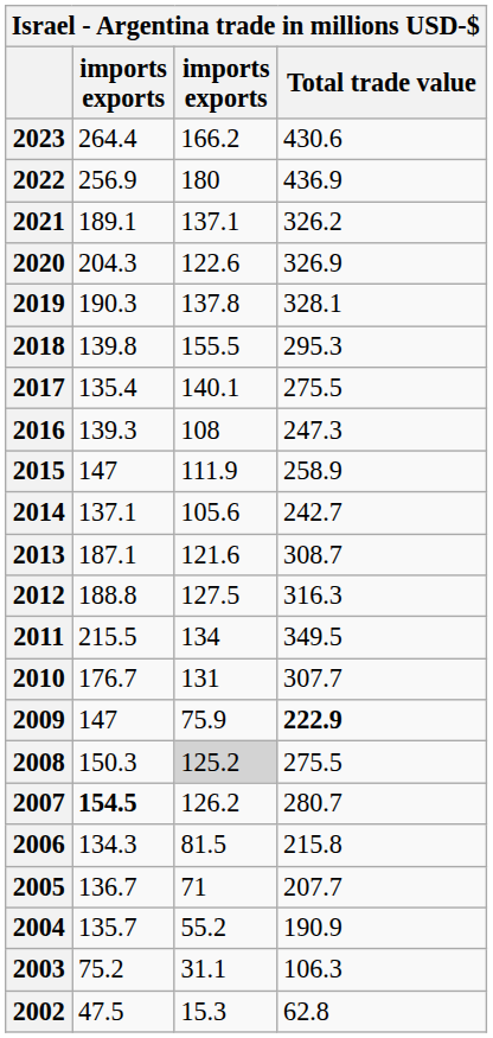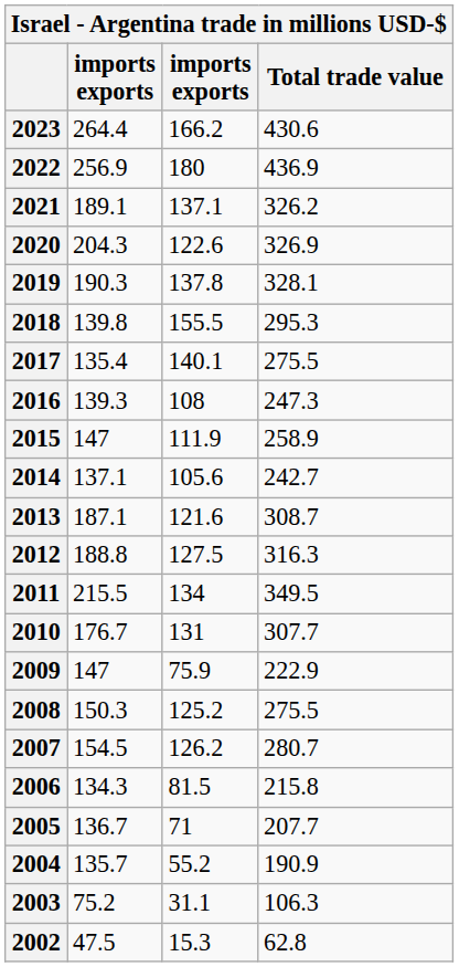 <table class="wikitable mw-collapsible mw-collapsed">
 <tr>
 <th colspan="4">Israel - Argentina trade in millions USD-$</th>
 </tr>
 <tr>
 <th></th>
 <th> imports<br> exports</th>
 <th> imports<br> exports</th>
 <th>Total trade value</th>
 </tr>
 <tr>
 <th>2023</th>
 <td>264.4</td>
 <td>166.2</td>
 <td>430.6</td>
 </tr>
 <tr>
 <th>2022</th>
 <td>256.9</td>
 <td>180</td>
 <td>436.9</td>
 </tr>
 <tr>
 <th>2021</th>
 <td>189.1</td>
 <td>137.1</td>
 <td>326.2</td>
 </tr>
 <tr>
 <th>2020</th>
 <td>204.3</td>
 <td>122.6</td>
 <td>326.9</td>
 </tr>
 <tr>
 <th>2019</th>
 <td>190.3</td>
 <td>137.8</td>
 <td>328.1</td>
 </tr>
 <tr>
 <th>2018</th>
 <td>139.8</td>
 <td>155.5</td>
 <td>295.3</td>
 </tr>
 <tr>
 <th>2017</th>
 <td>135.4</td>
 <td>140.1</td>
 <td>275.5</td>
 </tr>
 <tr>
 <th>2016</th>
 <td>139.3</td>
 <td>108</td>
 <td>247.3</td>
 </tr>
 <tr>
 <th>2015</th>
 <td>147</td>
 <td>111.9</td>
 <td>258.9</td>
 </tr>
 <tr>
 <th>2014</th>
 <td>137.1</td>
 <td>105.6</td>
 <td>242.7</td>
 </tr>
 <tr>
 <th>2013</th>
 <td>187.1</td>
 <td>121.6</td>
 <td>308.7</td>
 </tr>
 <tr>
 <th>2012</th>
 <td>188.8</td>
 <td>127.5</td>
 <td>316.3</td>
 </tr>
 <tr>
 <th>2011</th>
 <td>215.5</td>
 <td>134</td>
 <td>349.5</td>
 </tr>
 <tr>
 <th>2010</th>
 <td>176.7</td>
 <td>131</td>
 <td>307.7</td>
 </tr>
 <tr>
 <th>2009</th>
 <td>147</td>
 <td>75.9</td>
-<td><strong>222.9</strong></td>
+<td>222.9</td>
 </tr>
 <tr>
 <th>2008</th>
 <td>150.3</td>
-<td style="background: lightgrey;">125.2</td>
+<td>125.2</td>
 <td>275.5</td>
 </tr>
 <tr>
 <th>2007</th>
-<td><strong>154.5</strong></td>
+<td>154.5</td>
 <td>126.2</td>
 <td>280.7</td>
 </tr>
 <tr>
 <th>2006</th>
 <td>134.3</td>
 <td>81.5</td>
 <td>215.8</td>
 </tr>
 <tr>
 <th>2005</th>
 <td>136.7</td>
 <td>71</td>
 <td>207.7</td>
 </tr>
 <tr>
 <th>2004</th>
 <td>135.7</td>
 <td>55.2</td>
 <td>190.9</td>
 </tr>
 <tr>
 <th>2003</th>
 <td>75.2</td>
 <td>31.1</td>
 <td>106.3</td>
 </tr>
 <tr>
 <th>2002</th>
 <td>47.5</td>
 <td>15.3</td>
 <td>62.8</td>
 </tr>
 </table>
